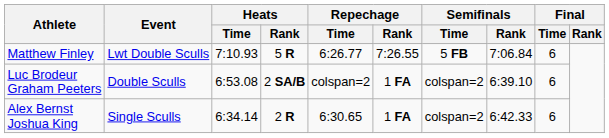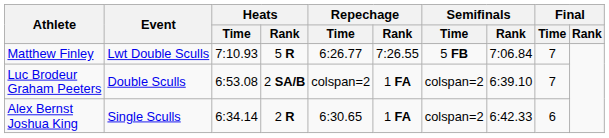 <table class="wikitable" style="font-size:90%">
 <tr>
 <th rowspan=2>Athlete</th>
 <th rowspan=2>Event</th>
 <th colspan="2">Heats</th>
 <th colspan="2">Repechage</th>
 <th colspan="2">Semifinals</th>
 <th colspan="2">Final</th>
 </tr>
 <tr style="font-size:95%">
 <th>Time</th>
 <th>Rank</th>
 <th>Time</th>
 <th>Rank</th>
 <th>Time</th>
 <th>Rank</th>
 <th>Time</th>
 <th>Rank</th>
 </tr>
 <tr align=center>
 <td align=left><a href='#'>Matthew Finley</a></td>
 <td align=left><a href='#'>Lwt Double Sculls</a></td>
 <td>7:10.93</td>
 <td>5 <strong>R</strong></td>
 <td>6:26.77</td>
 <td>7:26.55</td>
 <td>5 <strong>FB</strong></td>
 <td>7:06.84</td>
-<td>6</td>
+<td>7</td>
 </tr>
 <tr align=center>
 <td align=left><a href='#'>Luc Brodeur</a><br><a href='#'>Graham Peeters</a></td>
 <td align=left><a href='#'>Double Sculls</a></td>
 <td>6:53.08</td>
 <td>2 <strong>SA/B</strong></td>
 <td>colspan=2 </td>
 <td>1 <strong>FA</strong></td>
 <td>colspan=2 </td>
 <td>6:39.10</td>
-<td>6</td>
+<td>7</td>
 </tr>
 <tr align=center>
 <td align=left><a href='#'>Alex Bernst</a><br><a href='#'>Joshua King</a></td>
 <td align=left><a href='#'>Single Sculls</a></td>
 <td>6:34.14</td>
 <td>2 <strong>R</strong></td>
 <td>6:30.65</td>
 <td>1 <strong>FA</strong></td>
 <td>colspan=2 </td>
 <td>6:42.33</td>
 <td>6</td>
 </tr>
 </table>
